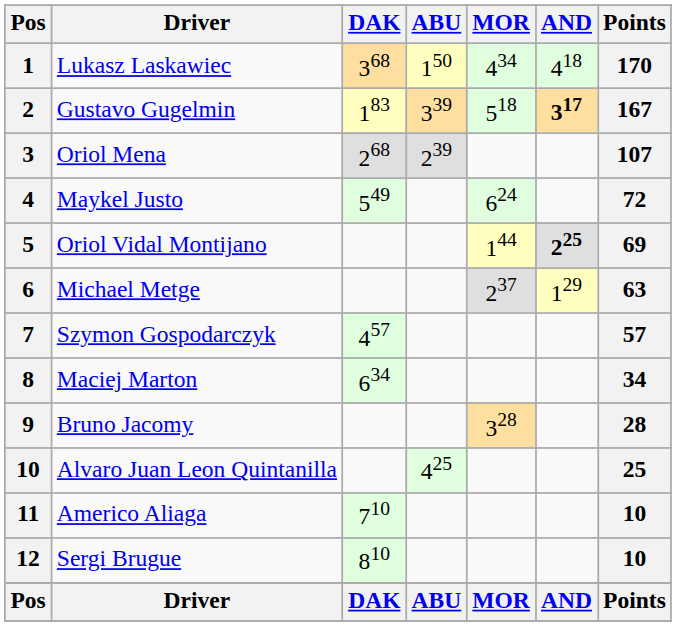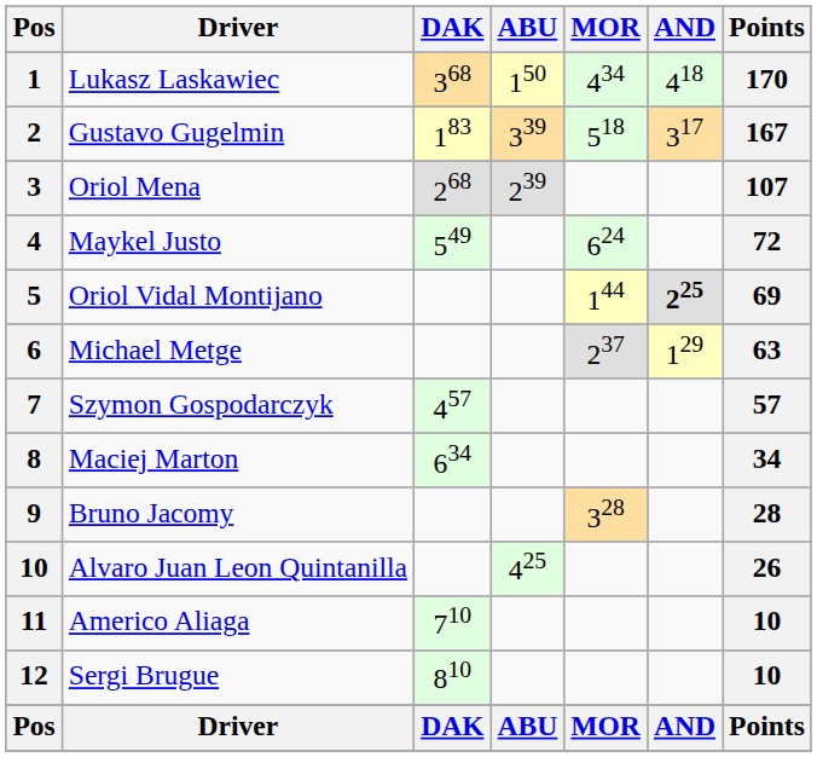 <table class="wikitable" style="font-size: 85%; text-align: center; display: inline-table;">
 <tr valign="top">
 <th valign="middle">Pos</th>
 <th valign="middle">Driver</th>
 <th><a href='#'>DAK</a><br></th>
 <th><a href='#'>ABU</a><br></th>
 <th><a href='#'>MOR</a><br></th>
 <th><a href='#'>AND</a><br></th>
 <th valign="middle">Points</th>
 </tr>
 <tr>
 <th>1</th>
 <td align=left> <a href='#'>Lukasz Laskawiec</a></td>
 <td style="background:#ffdf9f;">3<sup>68</sup></td>
 <td style="background:#ffffbf;">1<sup>50</sup></td>
 <td style="background:#dfffdf;">4<sup>34</sup></td>
 <td style="background:#dfffdf;">4<sup>18</sup></td>
 <th>170</th>
 </tr>
 <tr>
 <th>2</th>
 <td align=left> <a href='#'>Gustavo Gugelmin</a></td>
 <td style="background:#ffffbf;">1<sup>83</sup></td>
 <td style="background:#ffdf9f;">3<sup>39</sup></td>
 <td style="background:#dfffdf;">5<sup>18</sup></td>
-<td style="background:#ffdf9f;"><strong>3<sup>17</sup></strong></td>
+<td style="background:#ffdf9f;">3<sup>17</sup></td>
 <th>167</th>
 </tr>
 <tr>
 <th>3</th>
 <td align=left> <a href='#'>Oriol Mena</a></td>
 <td style="background:#dfdfdf;">2<sup>68</sup></td>
 <td style="background:#dfdfdf;">2<sup>39</sup></td>
 <td></td>
 <td></td>
 <th>107</th>
 </tr>
 <tr>
 <th>4</th>
 <td align=left> <a href='#'>Maykel Justo</a></td>
 <td style="background:#dfffdf;">5<sup>49</sup></td>
 <td></td>
 <td style="background:#dfffdf;">6<sup>24</sup></td>
 <td></td>
 <th>72</th>
 </tr>
 <tr>
 <th>5</th>
 <td align=left> <a href='#'>Oriol Vidal Montijano</a></td>
 <td></td>
 <td></td>
 <td style="background:#ffffbf;">1<sup>44</sup></td>
 <td style="background:#dfdfdf;"><strong>2<sup>25</sup></strong></td>
 <th>69</th>
 </tr>
 <tr>
 <th>6</th>
 <td align=left> <a href='#'>Michael Metge</a></td>
 <td></td>
 <td></td>
 <td style="background:#dfdfdf;">2<sup>37</sup></td>
 <td style="background:#ffffbf;">1<sup>29</sup></td>
 <th>63</th>
 </tr>
 <tr>
 <th>7</th>
 <td align=left> <a href='#'>Szymon Gospodarczyk</a></td>
 <td style="background:#dfffdf;">4<sup>57</sup></td>
 <td></td>
 <td></td>
 <td></td>
 <th>57</th>
 </tr>
 <tr>
 <th>8</th>
 <td align=left> <a href='#'>Maciej Marton</a></td>
 <td style="background:#dfffdf;">6<sup>34</sup></td>
 <td></td>
 <td></td>
 <td></td>
 <th>34</th>
 </tr>
 <tr>
 <th>9</th>
 <td align=left> <a href='#'>Bruno Jacomy</a></td>
 <td></td>
 <td></td>
 <td style="background:#ffdf9f;">3<sup>28</sup></td>
 <td></td>
 <th>28</th>
 </tr>
 <tr>
 <th>10</th>
 <td align=left> <a href='#'>Alvaro Juan Leon Quintanilla</a></td>
 <td></td>
 <td style="background:#dfffdf;">4<sup>25</sup></td>
 <td></td>
 <td></td>
-<th>25</th>
+<th>26</th>
 </tr>
 <tr>
 <th>11</th>
 <td align=left> <a href='#'>Americo Aliaga</a></td>
 <td style="background:#dfffdf;">7<sup>10</sup></td>
 <td></td>
 <td></td>
 <td></td>
 <th>10</th>
 </tr>
 <tr>
 <th>12</th>
 <td align=left> <a href='#'>Sergi Brugue</a></td>
 <td style="background:#dfffdf;">8<sup>10</sup></td>
 <td></td>
 <td></td>
 <td></td>
 <th>10</th>
 </tr>
 <tr>
 </tr>
 <tr valign="top">
 <th valign="middle">Pos</th>
 <th valign="middle">Driver</th>
 <th><a href='#'>DAK</a><br></th>
 <th><a href='#'>ABU</a><br></th>
 <th><a href='#'>MOR</a><br></th>
 <th><a href='#'>AND</a><br></th>
 <th valign="middle">Points</th>
 </tr>
 <tr>
 </tr>
 </table>
